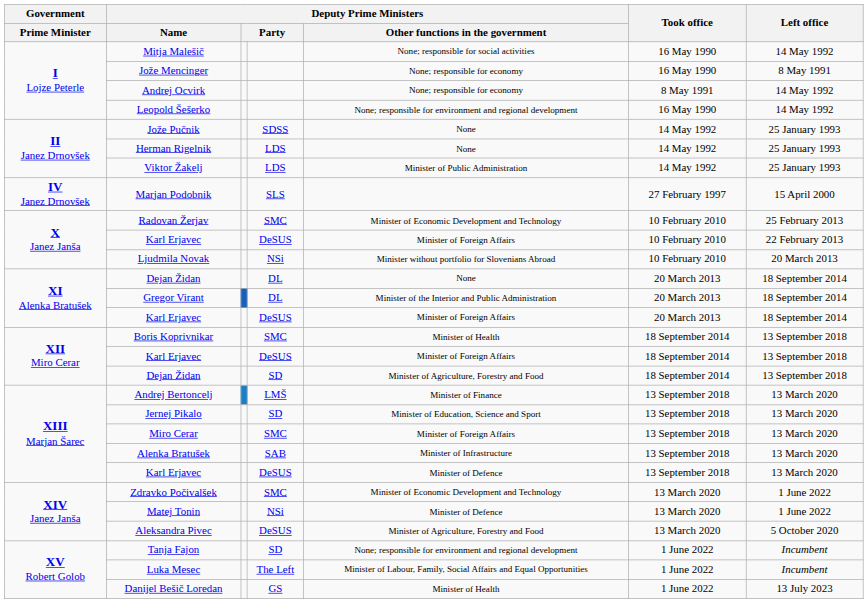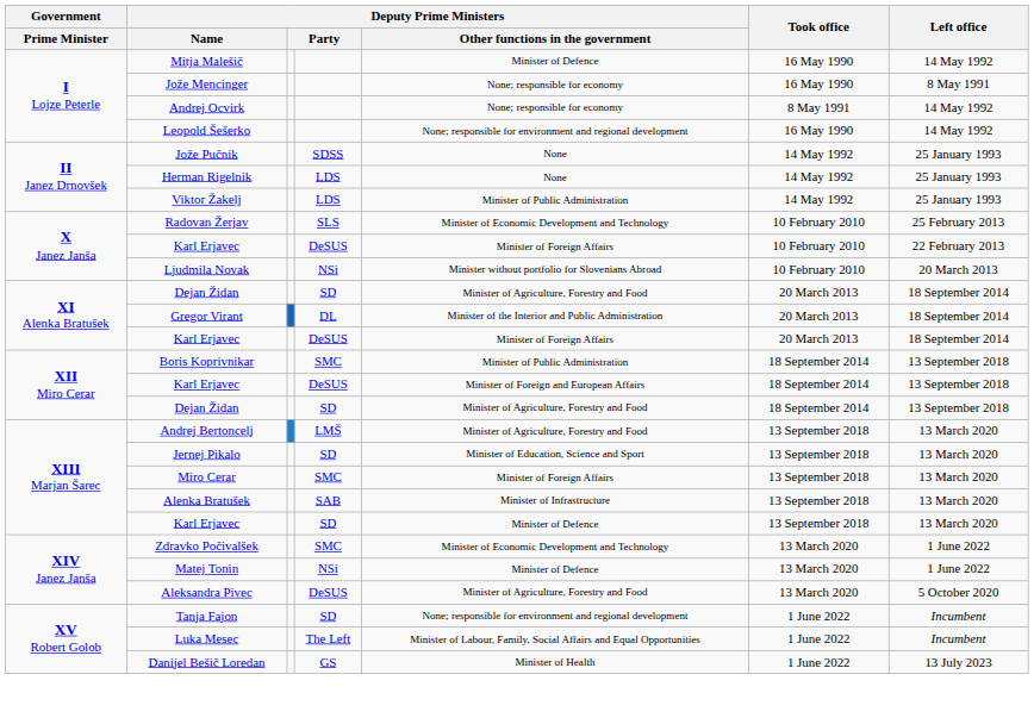 <table class="wikitable collapsible collapsed" style="text-align:center; width:100%; line-height:126%; margin-bottom:0">
 <tr>
 <th>Government</th>
 <th colspan="4">Deputy Prime Ministers</th>
 <th rowspan="2">Took office</th>
 <th rowspan="2">Left office</th>
 </tr>
 <tr>
 <th>Prime Minister</th>
 <th>Name</th>
 <th colspan="2">Party</th>
 <th>Other functions in the government</th>
 </tr>
 <tr>
 <td rowspan="4"><a href='#'><strong><big>I</big></strong></a><br><a href='#'>Lojze Peterle</a></td>
 <td><a href='#'>Mitja Malešič</a></td>
 <td></td>
 <td></td>
-<td><small>None; responsible for social activities</small></td>
+<td><small>Minister of Defence</small></td>
 <td>16 May 1990</td>
 <td>14 May 1992</td>
 </tr>
 <tr>
 <td><a href='#'>Jože Mencinger</a></td>
 <td></td>
 <td></td>
 <td><small>None; responsible for economy</small></td>
 <td>16 May 1990</td>
 <td>8 May 1991</td>
 </tr>
 <tr>
 <td><a href='#'>Andrej Ocvirk</a></td>
 <td></td>
 <td></td>
 <td><small>None; responsible for economy</small></td>
 <td>8 May 1991</td>
 <td>14 May 1992</td>
 </tr>
 <tr>
 <td><a href='#'>Leopold Šešerko</a></td>
 <td></td>
 <td></td>
 <td><small>None; responsible for environment and regional development</small></td>
 <td>16 May 1990</td>
 <td>14 May 1992</td>
 </tr>
 <tr>
 <td rowspan="3"><a href='#'><strong><big>II</big></strong></a><br><a href='#'>Janez Drnovšek</a></td>
 <td><a href='#'>Jože Pučnik</a></td>
 <td style="background:"></td>
 <td><a href='#'>SDSS</a></td>
 <td><small>None</small></td>
 <td>14 May 1992</td>
 <td>25 January 1993</td>
 </tr>
 <tr>
 <td><a href='#'>Herman Rigelnik</a></td>
 <td style="background-color: "></td>
 <td><a href='#'>LDS</a></td>
 <td><small>None</small></td>
 <td>14 May 1992</td>
 <td>25 January 1993</td>
 </tr>
 <tr>
 <td><a href='#'>Viktor Žakelj</a></td>
 <td style="background-color: "></td>
 <td><a href='#'>LDS</a></td>
 <td><small>Minister of Public Administration</small></td>
 <td>14 May 1992</td>
 <td>25 January 1993</td>
 </tr>
 <tr>
-<td><a href='#'><strong><big>IV</big></strong></a><br><a href='#'>Janez Drnovšek</a></td>
-<td><a href='#'>Marjan Podobnik</a></td>
-<td style="background-color:"></td>
-<td><a href='#'>SLS</a></td>
-<td></td>
-<td>27 February 1997</td>
-<td>15 April 2000</td>
-</tr>
-<tr>
 <td rowspan="3"><a href='#'><strong><big>X</big></strong></a><br><a href='#'>Janez Janša</a></td>
 <td><a href='#'>Radovan Žerjav</a></td>
 <td style="background-color:"></td>
-<td><a href='#'>SMC</a></td>
+<td><a href='#'>SLS</a></td>
 <td><small>Minister of Economic Development and Technology</small></td>
 <td>10 February 2010</td>
 <td>25 February 2013</td>
 </tr>
 <tr>
 <td><a href='#'>Karl Erjavec</a></td>
 <td style="background-color:"></td>
 <td><a href='#'>DeSUS</a></td>
 <td><small>Minister of Foreign Affairs</small></td>
 <td>10 February 2010</td>
 <td>22 February 2013</td>
 </tr>
 <tr>
 <td><a href='#'>Ljudmila Novak</a></td>
 <td style="background-color:"></td>
 <td><a href='#'>NSi</a></td>
 <td><small>Minister without portfolio for Slovenians Abroad</small></td>
 <td>10 February 2010</td>
 <td>20 March 2013</td>
 </tr>
 <tr>
 <td rowspan="3"><a href='#'><strong><big>XI</big></strong></a><br><a href='#'>Alenka Bratušek</a></td>
 <td><a href='#'>Dejan Židan</a></td>
 <td style="background-color:"></td>
-<td><a href='#'>DL</a></td>
-<td><small>None</small></td>
+<td><a href='#'>SD</a></td>
+<td><small>Minister of Agriculture, Forestry and Food</small></td>
 <td>20 March 2013</td>
 <td>18 September 2014</td>
 </tr>
 <tr>
 <td><a href='#'>Gregor Virant</a></td>
 <td style="background-color:#1560BD;"></td>
 <td><a href='#'>DL</a></td>
 <td><small>Minister of the Interior and Public Administration</small></td>
 <td>20 March 2013</td>
 <td>18 September 2014</td>
 </tr>
 <tr>
 <td><a href='#'>Karl Erjavec</a></td>
 <td style="background-color:"></td>
 <td><a href='#'>DeSUS</a></td>
 <td><small>Minister of Foreign Affairs</small></td>
 <td>20 March 2013</td>
 <td>18 September 2014</td>
 </tr>
 <tr>
 <td rowspan="3"><a href='#'><strong><big>XII</big></strong></a><br><a href='#'>Miro Cerar</a></td>
 <td><a href='#'>Boris Koprivnikar</a></td>
 <td style="background-color: "></td>
 <td><a href='#'>SMC</a></td>
-<td><small>Minister of Health</small></td>
+<td><small>Minister of Public Administration</small></td>
 <td>18 September 2014</td>
 <td>13 September 2018</td>
 </tr>
 <tr>
 <td><a href='#'>Karl Erjavec</a></td>
 <td style="background:"></td>
 <td><a href='#'>DeSUS</a></td>
-<td><small>Minister of Foreign Affairs</small></td>
+<td><small>Minister of Foreign and European Affairs</small></td>
 <td>18 September 2014</td>
 <td>13 September 2018</td>
 </tr>
 <tr>
 <td><a href='#'>Dejan Židan</a></td>
 <td style="background-color: "></td>
 <td><a href='#'>SD</a></td>
 <td><small>Minister of Agriculture, Forestry and Food</small></td>
 <td>18 September 2014</td>
 <td>13 September 2018</td>
 </tr>
 <tr>
 <td rowspan="5"><a href='#'><strong><big>XIII</big></strong></a><br><a href='#'>Marjan Šarec</a></td>
 <td><a href='#'>Andrej Bertoncelj</a></td>
 <td style="background:#1980C7"></td>
 <td><a href='#'>LMŠ</a></td>
-<td><small>Minister of Finance</small></td>
+<td><small>Minister of Agriculture, Forestry and Food</small></td>
 <td>13 September 2018</td>
 <td>13 March 2020</td>
 </tr>
 <tr>
 <td><a href='#'>Jernej Pikalo</a></td>
 <td style="background-color: "></td>
 <td><a href='#'>SD</a></td>
 <td><small>Minister of Education, Science and Sport</small></td>
 <td>13 September 2018</td>
 <td>13 March 2020</td>
 </tr>
 <tr>
 <td><a href='#'>Miro Cerar</a></td>
 <td style="background-color: "></td>
 <td><a href='#'>SMC</a></td>
 <td><small>Minister of Foreign Affairs</small></td>
 <td>13 September 2018</td>
 <td>13 March 2020</td>
 </tr>
 <tr>
 <td><a href='#'>Alenka Bratušek</a></td>
 <td style="background:"></td>
 <td><a href='#'>SAB</a></td>
 <td><small>Minister of Infrastructure</small></td>
 <td>13 September 2018</td>
 <td>13 March 2020</td>
 </tr>
 <tr>
 <td><a href='#'>Karl Erjavec</a></td>
 <td style="background:"></td>
-<td><a href='#'>DeSUS</a></td>
+<td><a href='#'>SD</a></td>
 <td><small>Minister of Defence</small></td>
 <td>13 September 2018</td>
 <td>13 March 2020</td>
 </tr>
 <tr>
 <td rowspan="3"><strong><big><a href='#'>XIV</a></big></strong><br><a href='#'>Janez Janša</a></td>
 <td><a href='#'>Zdravko Počivalšek</a></td>
 <td style="background-color: "></td>
 <td><a href='#'>SMC</a></td>
 <td><small>Minister of Economic Development and Technology</small></td>
 <td>13 March 2020</td>
 <td>1 June 2022</td>
 </tr>
 <tr>
 <td><a href='#'>Matej Tonin</a></td>
 <td style="background:"></td>
 <td><a href='#'>NSi</a></td>
 <td><small>Minister of Defence</small></td>
 <td>13 March 2020</td>
 <td>1 June 2022</td>
 </tr>
 <tr>
 <td><a href='#'>Aleksandra Pivec</a></td>
 <td style="background:"></td>
 <td><a href='#'>DeSUS</a></td>
 <td><small>Minister of Agriculture, Forestry and Food</small></td>
 <td>13 March 2020</td>
 <td>5 October 2020</td>
 </tr>
 <tr>
 <td rowspan="3"><strong><big><a href='#'>XV</a></big></strong><br><a href='#'>Robert Golob</a></td>
 <td><a href='#'>Tanja Fajon</a></td>
 <td style="background-color: "></td>
 <td><a href='#'>SD</a></td>
 <td><small>None; responsible for environment and regional development</small></td>
 <td>1 June 2022</td>
 <td><em>Incumbent</em></td>
 </tr>
 <tr>
 <td><a href='#'>Luka Mesec</a></td>
 <td style="background-color: "></td>
 <td><a href='#'>The Left</a></td>
 <td><small>Minister of Labour, Family, Social Affairs and Equal Opportunities</small></td>
 <td>1 June 2022</td>
 <td><em>Incumbent</em></td>
 </tr>
 <tr>
 <td><a href='#'>Danijel Bešič Loredan</a></td>
 <td style="background-color: "></td>
 <td><a href='#'>GS</a></td>
 <td><small>Minister of Health</small></td>
 <td>1 June 2022</td>
 <td>13 July 2023</td>
 </tr>
 </table>
